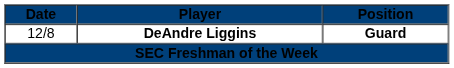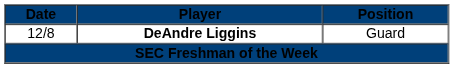 <table cellpadding="1" border="1" cellspacing="0" width="40%">
 <tr>
 <th bgcolor="#00407a"><span>Date</span></th>
 <th bgcolor="#00407a"><span>Player</span></th>
 <th bgcolor="#00407a"><span>Position</span></th>
 </tr>
 <tr align="center">
 </tr>
 <tr align="center">
 <td>12/8 </td>
 <td><strong>DeAndre Liggins</strong></td>
-<td><strong>Guard</strong></td>
+<td>Guard</td>
 </tr>
 <tr align="center">
 <td colspan=3 bgcolor="#00407a"><span><strong>SEC Freshman of the Week</strong></span></td>
 </tr>
 </table>
